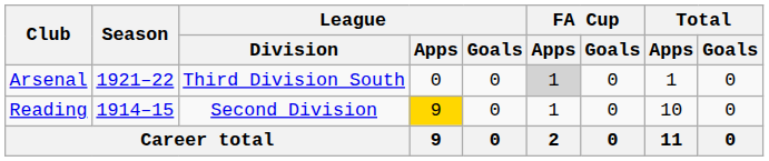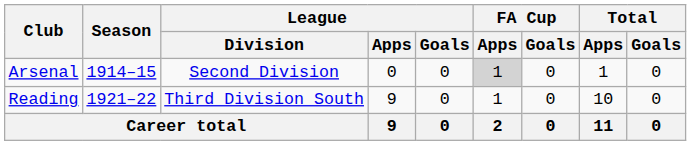 <table class="wikitable" style="text-align: center;">
 <tr>
 <th rowspan="2">Club</th>
 <th rowspan="2">Season</th>
 <th colspan="3">League</th>
 <th colspan="2">FA Cup</th>
 <th colspan="2">Total</th>
 </tr>
 <tr>
 <th>Division</th>
 <th>Apps</th>
 <th>Goals</th>
 <th>Apps</th>
 <th>Goals</th>
 <th>Apps</th>
 <th>Goals</th>
 </tr>
 <tr>
 <td><a href='#'>Arsenal</a></td>
-<td><a href='#'>1921–22</a></td>
-<td><a href='#'>Third Division South</a></td>
+<td><a href='#'>1914–15</a></td>
+<td><a href='#'>Second Division</a></td>
 <td>0</td>
 <td>0</td>
 <td style="background: lightgrey;">1</td>
 <td>0</td>
 <td>1</td>
 <td>0</td>
 </tr>
 <tr>
 <td><a href='#'>Reading</a></td>
-<td><a href='#'>1914–15</a></td>
-<td><a href='#'>Second Division</a></td>
-<td style="background: gold;">9</td>
+<td><a href='#'>1921–22</a></td>
+<td><a href='#'>Third Division South</a></td>
+<td>9</td>
 <td>0</td>
 <td>1</td>
 <td>0</td>
 <td>10</td>
 <td>0</td>
 </tr>
 <tr>
 <th colspan="3">Career total</th>
 <th>9</th>
 <th>0</th>
 <th>2</th>
 <th>0</th>
 <th>11</th>
 <th>0</th>
 </tr>
 </table>
